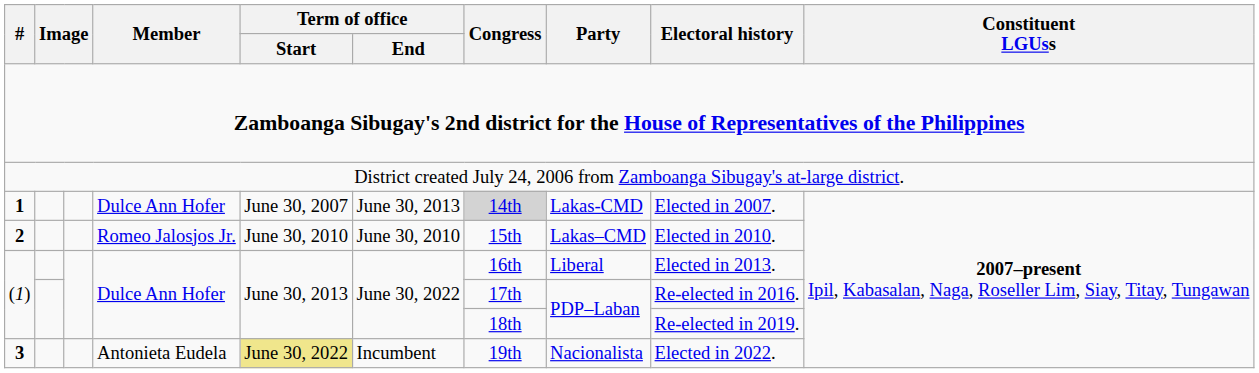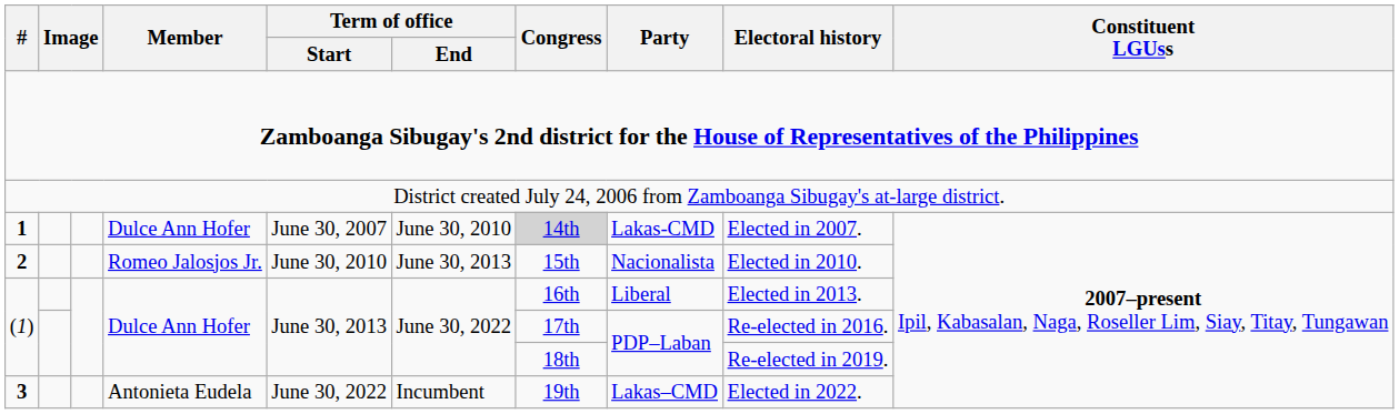 <table class=wikitable>
 <tr>
 <th rowspan="2">#</th>
 <th rowspan="2" colspan=2>Image</th>
 <th rowspan="2">Member</th>
 <th colspan=2>Term of office</th>
 <th rowspan="2">Congress</th>
 <th rowspan="2">Party</th>
 <th rowspan="2">Electoral history</th>
 <th rowspan="2">Constituent<br><a href='#'>LGUs</a>s</th>
 </tr>
 <tr>
 <th>Start</th>
 <th>End</th>
 </tr>
 <tr>
 <td colspan="10" style="text-align:center;"><br><h3>Zamboanga Sibugay's 2nd district for the <a href='#'>House of Representatives of the Philippines</a></h3></td>
 </tr>
 <tr>
 <td colspan="10" style="text-align:center;">District created July 24, 2006 from <a href='#'>Zamboanga Sibugay's at-large district</a>.</td>
 </tr>
 <tr>
 <td style="text-align:center;"><strong>1</strong></td>
 <td style="color:inherit;background:"></td>
 <td></td>
 <td><a href='#'>Dulce Ann Hofer</a></td>
 <td>June 30, 2007</td>
-<td>June 30, 2013</td>
+<td>June 30, 2010</td>
 <td style="background: lightgrey; text-align:center;"><a href='#'>14th</a></td>
 <td><a href='#'>Lakas-CMD</a></td>
 <td><a href='#'>Elected in 2007</a>.</td>
 <td rowspan="6" style="text-align:center;"><strong>2007–present</strong><br><a href='#'>Ipil</a>, <a href='#'>Kabasalan</a>, <a href='#'>Naga</a>, <a href='#'>Roseller Lim</a>, <a href='#'>Siay</a>, <a href='#'>Titay</a>, <a href='#'>Tungawan</a></td>
 </tr>
 <tr>
 <td style="text-align:center;"><strong>2</strong></td>
 <td style="color:inherit;background:"></td>
 <td></td>
 <td><a href='#'>Romeo Jalosjos Jr.</a></td>
 <td>June 30, 2010</td>
-<td>June 30, 2010</td>
+<td>June 30, 2013</td>
 <td style="text-align:center;"><a href='#'>15th</a></td>
-<td><a href='#'>Lakas–CMD</a></td>
+<td><a href='#'>Nacionalista</a></td>
 <td><a href='#'>Elected in 2010</a>.</td>
 </tr>
 <tr>
 <td rowspan="3" style="text-align:center;">(<em>1</em>)</td>
 <td style="color:inherit;background:"></td>
 <td rowspan="3"></td>
 <td rowspan="3"><a href='#'>Dulce Ann Hofer</a></td>
 <td rowspan="3">June 30, 2013</td>
 <td rowspan="3">June 30, 2022</td>
 <td style="text-align:center;"><a href='#'>16th</a></td>
 <td><a href='#'>Liberal</a></td>
 <td><a href='#'>Elected in 2013</a>.</td>
 </tr>
 <tr>
 <td rowspan="2" style="color:inherit;background:"></td>
 <td style="text-align:center;"><a href='#'>17th</a></td>
 <td rowspan="2"><a href='#'>PDP–Laban</a></td>
 <td><a href='#'>Re-elected in 2016</a>.</td>
 </tr>
 <tr>
 <td style="text-align:center;"><a href='#'>18th</a></td>
 <td><a href='#'>Re-elected in 2019</a>.</td>
 </tr>
 <tr>
 <td style="text-align:center;"><strong>3</strong></td>
 <td style="color:inherit;background:"></td>
 <td></td>
 <td>Antonieta Eudela</td>
-<td style="background: khaki;">June 30, 2022</td>
+<td>June 30, 2022</td>
 <td>Incumbent<br></td>
 <td style="text-align:center;"><a href='#'>19th</a></td>
-<td><a href='#'>Nacionalista</a></td>
+<td><a href='#'>Lakas–CMD</a></td>
 <td><a href='#'>Elected in 2022</a>.</td>
 </tr>
 </table>
